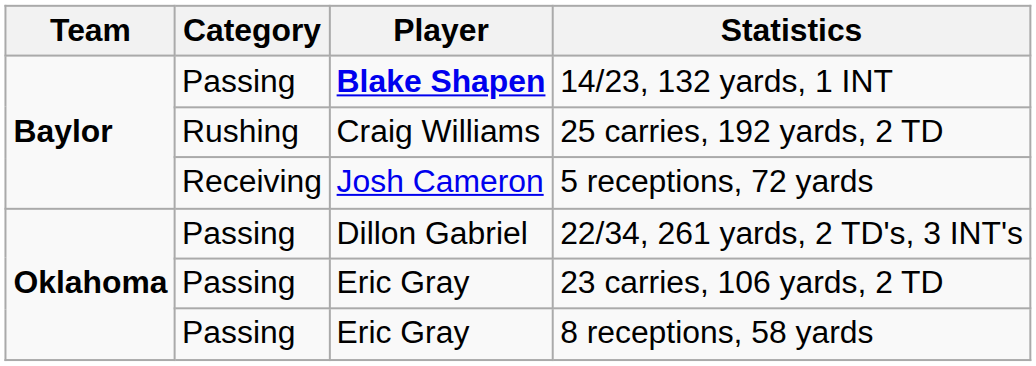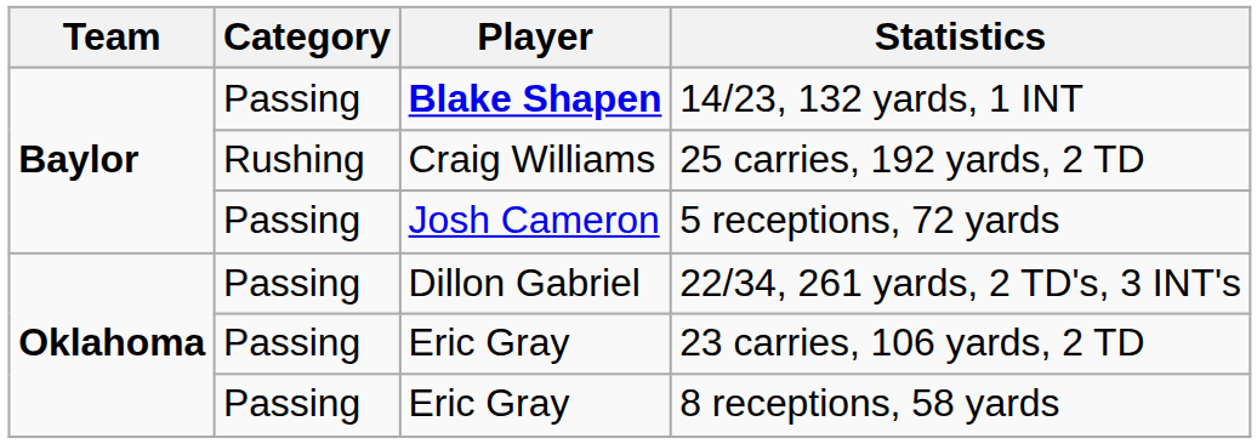 <table class="wikitable" style="float: right;">
 <tr>
 <th>Team</th>
 <th>Category</th>
 <th>Player</th>
 <th>Statistics</th>
 </tr>
 <tr>
 <td rowspan=3><strong>Baylor</strong></td>
 <td>Passing</td>
 <td><strong><a href='#'>Blake Shapen</a></strong></td>
 <td>14/23, 132 yards, 1 INT</td>
 </tr>
 <tr>
 <td>Rushing</td>
 <td>Craig Williams</td>
 <td>25 carries, 192 yards, 2 TD</td>
 </tr>
 <tr>
-<td>Receiving</td>
+<td>Passing</td>
 <td><a href='#'>Josh Cameron</a></td>
 <td>5 receptions, 72 yards</td>
 </tr>
 <tr>
 <td rowspan=3><strong>Oklahoma</strong></td>
 <td>Passing</td>
 <td>Dillon Gabriel</td>
 <td>22/34, 261 yards, 2 TD's, 3 INT's</td>
 </tr>
 <tr>
 <td>Passing</td>
 <td>Eric Gray</td>
 <td>23 carries, 106 yards, 2 TD</td>
 </tr>
 <tr>
 <td>Passing</td>
 <td>Eric Gray</td>
 <td>8 receptions, 58 yards</td>
 </tr>
 </table>
